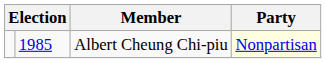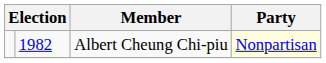 <table class="wikitable">
 <tr>
 <th colspan="2">Election</th>
 <th>Member</th>
 <th>Party</th>
 </tr>
 <tr>
 <td style="background-color:"></td>
-<td><a href='#'>1985</a></td>
+<td><a href='#'>1982</a></td>
 <td>Albert Cheung Chi-piu</td>
 <td style="background: lightyellow;"><a href='#'>Nonpartisan</a></td>
 </tr>
 <tr>
 </tr>
 </table>
